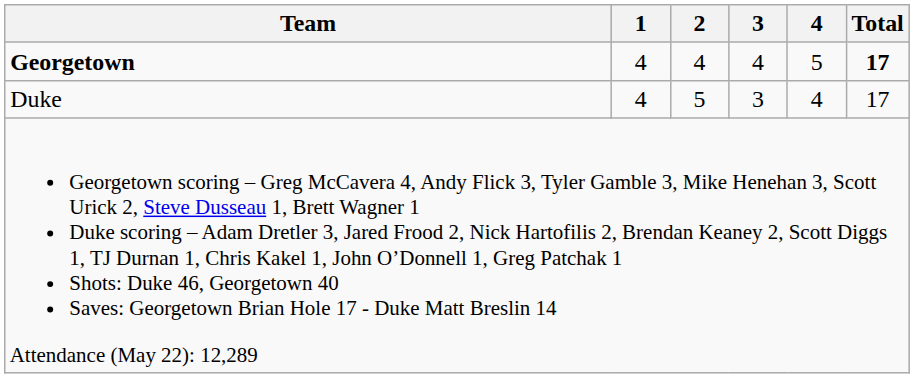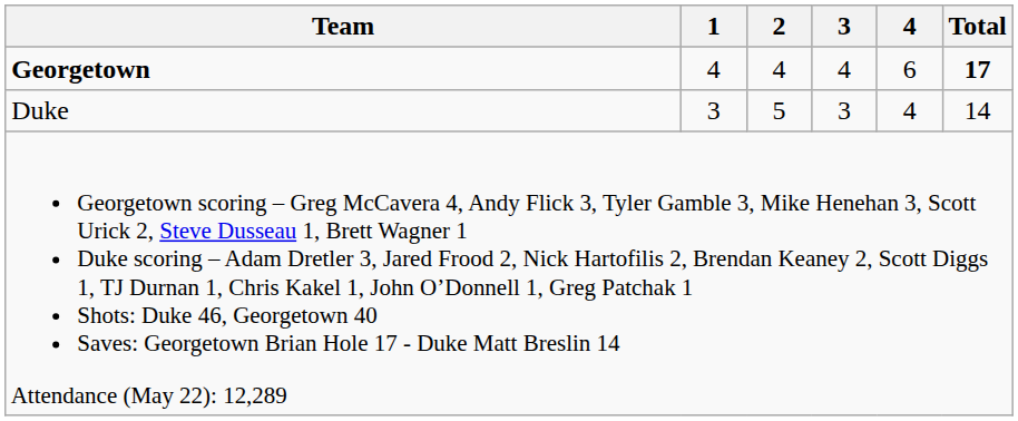 <table class="wikitable" style="text-align:center; max-width:45em">
 <tr>
 <th>Team</th>
 <th style="width:2em">1</th>
 <th style="width:2em">2</th>
 <th style="width:2em">3</th>
 <th style="width:2em">4</th>
 <th style="width:2em">Total</th>
 </tr>
 <tr>
 <td style="text-align:left"><strong>Georgetown</strong></td>
 <td>4</td>
 <td>4</td>
 <td>4</td>
-<td>5</td>
+<td>6</td>
 <td><strong>17</strong></td>
 </tr>
 <tr>
 <td style="text-align:left">Duke</td>
-<td>4</td>
+<td>3</td>
 <td>5</td>
 <td>3</td>
 <td>4</td>
-<td>17</td>
+<td>14</td>
 </tr>
 <tr>
 <td colspan=6 style="text-align:left; font-size:88%;"><br><ul><li>Georgetown scoring – Greg McCavera 4, Andy Flick 3, Tyler Gamble 3, Mike Henehan 3, Scott Urick 2, <a href='#'>Steve Dusseau</a> 1, Brett Wagner 1</li><li>Duke scoring – Adam Dretler 3, Jared Frood 2, Nick Hartofilis 2, Brendan Keaney 2, Scott Diggs 1, TJ Durnan 1, Chris Kakel 1, John O’Donnell 1, Greg Patchak 1</li><li>Shots: Duke 46, Georgetown 40</li><li>Saves: Georgetown Brian Hole 17 - Duke Matt Breslin 14</li></ul>Attendance (May 22): 12,289 </td>
 </tr>
 </table>
